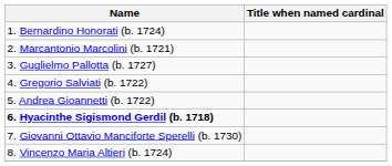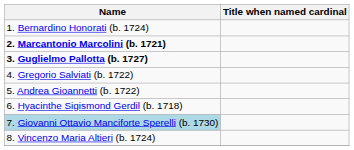 <table class="wikitable" border="1">
 <tr>
 <th>Name</th>
 <th>Title when named cardinal</th>
 </tr>
 <tr>
 <td>1. <a href='#'>Bernardino Honorati</a> (b. 1724)</td>
 <td></td>
 </tr>
 <tr>
-<td>2. <a href='#'>Marcantonio Marcolini</a> (b. 1721)</td>
+<td><strong>2. <a href='#'>Marcantonio Marcolini</a> (b. 1721)</strong></td>
 <td></td>
 </tr>
 <tr>
-<td>3. <a href='#'>Guglielmo Pallotta</a> (b. 1727)</td>
+<td><strong>3. <a href='#'>Guglielmo Pallotta</a> (b. 1727)</strong></td>
 <td></td>
 </tr>
 <tr>
 <td>4. <a href='#'>Gregorio Salviati</a> (b. 1722)</td>
 <td></td>
 </tr>
 <tr>
 <td>5. <a href='#'>Andrea Gioannetti</a> (b. 1722)</td>
 <td></td>
 </tr>
 <tr>
-<td><strong>6. <a href='#'>Hyacinthe Sigismond Gerdil</a> (b. 1718)</strong></td>
+<td>6. <a href='#'>Hyacinthe Sigismond Gerdil</a> (b. 1718)</td>
 <td></td>
 </tr>
 <tr>
-<td>7. <a href='#'>Giovanni Ottavio Manciforte Sperelli</a> (b. 1730)</td>
+<td style="background: lightblue;">7. <a href='#'>Giovanni Ottavio Manciforte Sperelli</a> (b. 1730)</td>
 <td></td>
 </tr>
 <tr>
 <td>8. <a href='#'>Vincenzo Maria Altieri</a> (b. 1724)</td>
 <td></td>
 </tr>
 <tr>
 </tr>
 </table>
